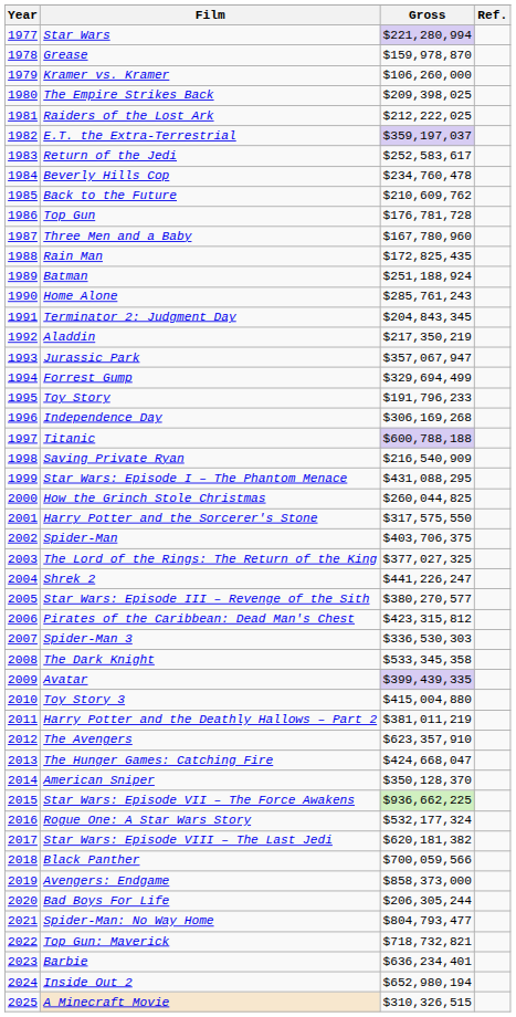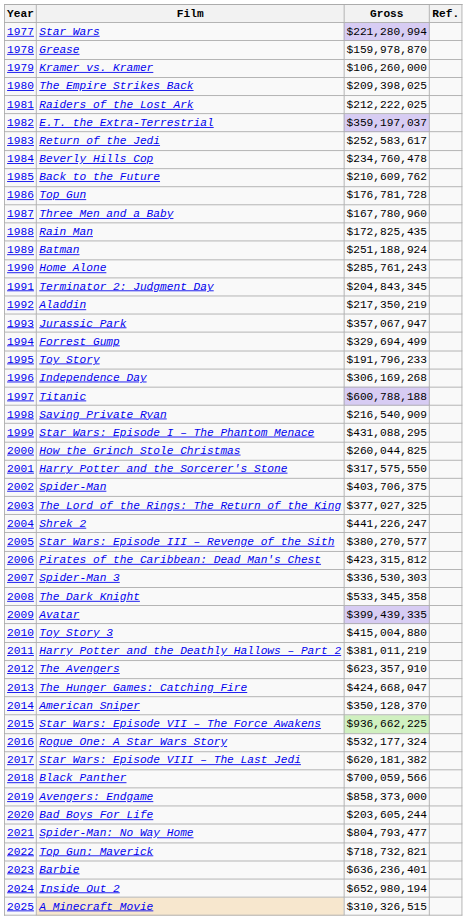 <table class="wikitable sortable" style=width="70%">
 <tr align="center">
 </tr>
 <tr>
 <th>Year</th>
 <th>Film</th>
 <th>Gross</th>
 <th style=text-align:right;>Ref.</th>
 </tr>
 <tr>
 <td><a href='#'>1977</a></td>
 <td><em><a href='#'>Star Wars</a></em></td>
 <td style="background:#d7ccf3;">$221,280,994</td>
 <td style=text-align:center;></td>
 </tr>
 <tr>
 <td><a href='#'>1978</a></td>
 <td><em><a href='#'>Grease</a></em></td>
 <td>$159,978,870</td>
 <td style=text-align:center;></td>
 </tr>
 <tr>
 <td><a href='#'>1979</a></td>
 <td><em><a href='#'>Kramer vs. Kramer</a></em></td>
 <td>$106,260,000</td>
 <td style=text-align:center;></td>
 </tr>
 <tr>
 <td><a href='#'>1980</a></td>
 <td><em><a href='#'>The Empire Strikes Back</a></em></td>
 <td>$209,398,025</td>
 <td style=text-align:center;></td>
 </tr>
 <tr>
 <td><a href='#'>1981</a></td>
 <td><em><a href='#'>Raiders of the Lost Ark</a></em></td>
 <td>$212,222,025</td>
 <td style=text-align:center;></td>
 </tr>
 <tr>
 <td><a href='#'>1982</a></td>
 <td><em><a href='#'>E.T. the Extra-Terrestrial</a></em></td>
 <td style="background:#d7ccf3;">$359,197,037</td>
 <td style=text-align:center;></td>
 </tr>
 <tr>
 <td><a href='#'>1983</a></td>
 <td><em><a href='#'>Return of the Jedi</a></em></td>
 <td>$252,583,617</td>
 <td style=text-align:center;></td>
 </tr>
 <tr>
 <td><a href='#'>1984</a></td>
 <td><em><a href='#'>Beverly Hills Cop</a></em></td>
 <td>$234,760,478</td>
 <td style=text-align:center;></td>
 </tr>
 <tr>
 <td><a href='#'>1985</a></td>
 <td><em><a href='#'>Back to the Future</a></em></td>
 <td>$210,609,762</td>
 <td style=text-align:center;></td>
 </tr>
 <tr>
 <td><a href='#'>1986</a></td>
 <td><em><a href='#'>Top Gun</a></em></td>
 <td>$176,781,728</td>
 <td style=text-align:center;></td>
 </tr>
 <tr>
 <td><a href='#'>1987</a></td>
 <td><em><a href='#'>Three Men and a Baby</a></em></td>
 <td>$167,780,960</td>
 <td style=text-align:center;></td>
 </tr>
 <tr>
 <td><a href='#'>1988</a></td>
 <td><em><a href='#'>Rain Man</a></em></td>
 <td>$172,825,435</td>
 <td style=text-align:center;></td>
 </tr>
 <tr>
 <td><a href='#'>1989</a></td>
 <td><em><a href='#'>Batman</a></em></td>
 <td>$251,188,924</td>
 <td style=text-align:center;></td>
 </tr>
 <tr>
 <td><a href='#'>1990</a></td>
 <td><em><a href='#'>Home Alone</a></em></td>
 <td>$285,761,243</td>
 <td style=text-align:center;></td>
 </tr>
 <tr>
 <td><a href='#'>1991</a></td>
 <td><em><a href='#'>Terminator 2: Judgment Day</a></em></td>
 <td>$204,843,345</td>
 <td style=text-align:center;></td>
 </tr>
 <tr>
 <td><a href='#'>1992</a></td>
 <td><em><a href='#'>Aladdin</a></em></td>
 <td>$217,350,219</td>
 <td style=text-align:center;></td>
 </tr>
 <tr>
 <td><a href='#'>1993</a></td>
 <td><em><a href='#'>Jurassic Park</a></em></td>
 <td>$357,067,947</td>
 <td style=text-align:center;></td>
 </tr>
 <tr>
 <td><a href='#'>1994</a></td>
 <td><em><a href='#'>Forrest Gump</a></em></td>
 <td>$329,694,499</td>
 <td style=text-align:center;></td>
 </tr>
 <tr>
 <td><a href='#'>1995</a></td>
 <td><em><a href='#'>Toy Story</a></em></td>
 <td>$191,796,233</td>
 <td style=text-align:center;></td>
 </tr>
 <tr>
 <td><a href='#'>1996</a></td>
 <td><em><a href='#'>Independence Day</a></em></td>
 <td>$306,169,268</td>
 <td style=text-align:center;></td>
 </tr>
 <tr>
 <td><a href='#'>1997</a></td>
 <td><em><a href='#'>Titanic</a></em></td>
 <td style="background:#d7ccf3;">$600,788,188</td>
 <td style=text-align:center;></td>
 </tr>
 <tr>
 <td><a href='#'>1998</a></td>
 <td><em><a href='#'>Saving Private Ryan</a></em></td>
 <td>$216,540,909</td>
 <td style=text-align:center;></td>
 </tr>
 <tr>
 <td><a href='#'>1999</a></td>
 <td><em><a href='#'>Star Wars: Episode I – The Phantom Menace</a></em></td>
 <td>$431,088,295</td>
 <td style=text-align:center;></td>
 </tr>
 <tr>
 <td><a href='#'>2000</a></td>
 <td><em><a href='#'>How the Grinch Stole Christmas</a></em></td>
 <td>$260,044,825</td>
 <td style=text-align:center;></td>
 </tr>
 <tr>
 <td><a href='#'>2001</a></td>
 <td><em><a href='#'>Harry Potter and the Sorcerer's Stone</a></em></td>
 <td>$317,575,550</td>
 <td style=text-align:center;></td>
 </tr>
 <tr>
 <td><a href='#'>2002</a></td>
 <td><em><a href='#'>Spider-Man</a></em></td>
 <td>$403,706,375</td>
 <td style=text-align:center;></td>
 </tr>
 <tr>
 <td><a href='#'>2003</a></td>
 <td><em><a href='#'>The Lord of the Rings: The Return of the King</a></em></td>
 <td>$377,027,325</td>
 <td style=text-align:center;></td>
 </tr>
 <tr>
 <td><a href='#'>2004</a></td>
 <td><em><a href='#'>Shrek 2</a></em></td>
 <td>$441,226,247</td>
 <td style=text-align:center;></td>
 </tr>
 <tr>
 <td><a href='#'>2005</a></td>
 <td><em><a href='#'>Star Wars: Episode III – Revenge of the Sith</a></em></td>
 <td>$380,270,577</td>
 <td style=text-align:center;></td>
 </tr>
 <tr>
 <td><a href='#'>2006</a></td>
 <td><em><a href='#'>Pirates of the Caribbean: Dead Man's Chest</a></em></td>
 <td>$423,315,812</td>
 <td style=text-align:center;></td>
 </tr>
 <tr>
 <td><a href='#'>2007</a></td>
 <td><em><a href='#'>Spider-Man 3</a></em></td>
 <td>$336,530,303</td>
 <td style=text-align:center;></td>
 </tr>
 <tr>
 <td><a href='#'>2008</a></td>
 <td><em><a href='#'>The Dark Knight</a></em></td>
 <td>$533,345,358</td>
 <td style=text-align:center;></td>
 </tr>
 <tr>
 <td><a href='#'>2009</a></td>
 <td><em><a href='#'>Avatar</a></em></td>
 <td style="background:#d7ccf3;">$399,439,335</td>
 <td style=text-align:center;></td>
 </tr>
 <tr>
 <td><a href='#'>2010</a></td>
 <td><em><a href='#'>Toy Story 3</a></em></td>
 <td>$415,004,880</td>
 <td style=text-align:center;></td>
 </tr>
 <tr>
 <td><a href='#'>2011</a></td>
 <td><em><a href='#'>Harry Potter and the Deathly Hallows – Part 2</a></em></td>
 <td>$381,011,219</td>
 <td style=text-align:center;></td>
 </tr>
 <tr>
 <td><a href='#'>2012</a></td>
 <td><em><a href='#'>The Avengers</a></em></td>
 <td>$623,357,910</td>
 <td style=text-align:center;></td>
 </tr>
 <tr>
 <td><a href='#'>2013</a></td>
 <td><em><a href='#'>The Hunger Games: Catching Fire</a></em></td>
 <td>$424,668,047</td>
 <td style=text-align:center;></td>
 </tr>
 <tr>
 <td><a href='#'>2014</a></td>
 <td><em><a href='#'>American Sniper</a></em></td>
 <td>$350,128,370</td>
 <td style=text-align:center;></td>
 </tr>
 <tr>
 <td><a href='#'>2015</a></td>
 <td><em><a href='#'>Star Wars: Episode VII – The Force Awakens</a></em></td>
 <td style="background:#d0f0c0">$936,662,225</td>
 <td style=text-align:center;></td>
 </tr>
 <tr>
 <td><a href='#'>2016</a></td>
 <td><em><a href='#'>Rogue One: A Star Wars Story</a></em></td>
 <td>$532,177,324</td>
 <td style=text-align:center;></td>
 </tr>
 <tr>
 <td><a href='#'>2017</a></td>
 <td><em><a href='#'>Star Wars: Episode VIII – The Last Jedi</a></em></td>
 <td>$620,181,382</td>
 <td style=text-align:center;></td>
 </tr>
 <tr>
 <td><a href='#'>2018</a></td>
 <td><em><a href='#'>Black Panther</a></em></td>
 <td>$700,059,566</td>
 <td style=text-align:center;></td>
 </tr>
 <tr>
 <td><a href='#'>2019</a></td>
 <td><em><a href='#'>Avengers: Endgame</a></em></td>
 <td>$858,373,000</td>
 <td style=text-align:center;></td>
 </tr>
 <tr>
 <td><a href='#'>2020</a></td>
 <td><em><a href='#'>Bad Boys For Life</a></em></td>
-<td>$206,305,244</td>
+<td>$203,605,244</td>
 <td style=text-align:center;></td>
 </tr>
 <tr>
 <td><a href='#'>2021</a></td>
 <td><em><a href='#'>Spider-Man: No Way Home</a></em></td>
 <td>$804,793,477</td>
 <td style=text-align:center;></td>
 </tr>
 <tr>
 <td><a href='#'>2022</a></td>
 <td><em><a href='#'>Top Gun: Maverick </a></em></td>
 <td>$718,732,821</td>
 <td style=text-align:center;></td>
 </tr>
 <tr>
 <td><a href='#'>2023</a></td>
 <td><em><a href='#'>Barbie</a></em></td>
-<td>$636,234,401</td>
+<td>$636,236,401</td>
 <td style=text-align:center;></td>
 </tr>
 <tr>
 <td><a href='#'>2024</a></td>
 <td><em><a href='#'>Inside Out 2</a></em></td>
 <td>$652,980,194</td>
 <td style=text-align:center;></td>
 </tr>
 <tr>
 <td><a href='#'>2025</a></td>
 <td style="background:#F7E7CE"><em><a href='#'>A Minecraft Movie</a></em></td>
 <td>$310,326,515</td>
 <td style=text-align:center;></td>
 </tr>
 </table>
